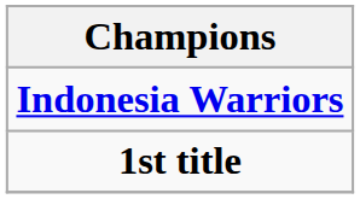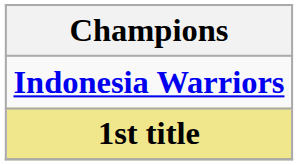 <table class="wikitable" style="text-align: center; margin: 0 auto;">
 <tr>
 <th>Champions</th>
 </tr>
 <tr>
 <td><strong><a href='#'>Indonesia Warriors</a></strong></td>
 </tr>
 <tr>
-<td><strong>1st title</strong></td>
+<td style="background: khaki;"><strong>1st title</strong></td>
 </tr>
 <tr>
 </tr>
 </table>
